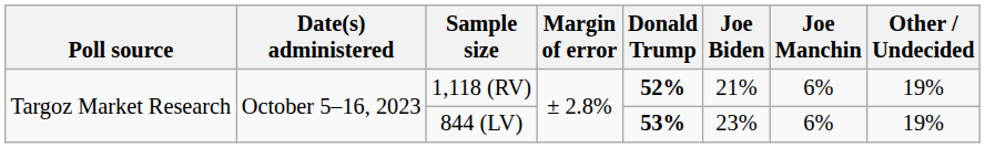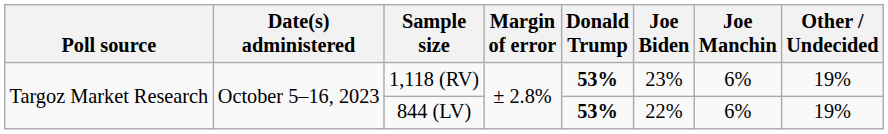 <table class="wikitable sortable mw-datatable" style="font-size:90%;text-align:center;line-height:17px">
 <tr valign=bottom>
 <th>Poll source</th>
 <th>Date(s)<br>administered</th>
 <th>Sample<br>size</th>
 <th>Margin<br>of error</th>
 <th class="unsortable">Donald<br>Trump<br></th>
 <th class="unsortable">Joe<br>Biden<br></th>
 <th class="unsortable">Joe<br>Manchin<br></th>
 <th class="unsortable">Other /<br>Undecided</th>
 </tr>
 <tr>
 <td style="text-align:left;" rowspan="2">Targoz Market Research</td>
 <td rowspan="2">October 5–16, 2023</td>
 <td>1,118 (RV)</td>
 <td rowspan="2">± 2.8%</td>
-<td style="background-color:"><strong>52%</strong></td>
-<td>21%</td>
+<td style="background-color:"><strong>53%</strong></td>
+<td>23%</td>
 <td>6%</td>
 <td>19%</td>
 </tr>
 <tr>
 <td>844 (LV)</td>
 <td style="background-color:"><strong>53%</strong></td>
-<td>23%</td>
+<td>22%</td>
 <td>6%</td>
 <td>19%</td>
 </tr>
 </table>
